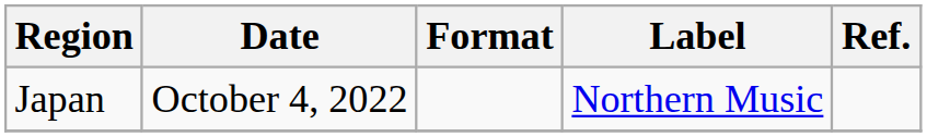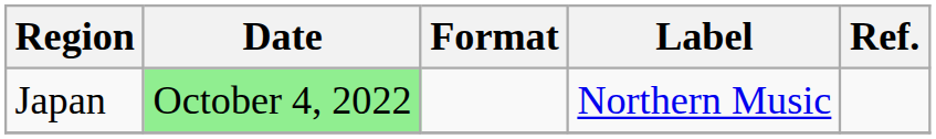 <table class="wikitable sortable plainrowheaders">
 <tr>
 <th scope="col">Region</th>
 <th scope="col">Date</th>
 <th scope="col">Format</th>
 <th scope="col">Label</th>
 <th scope="col">Ref.</th>
 </tr>
 <tr>
 <td rowspan="1">Japan</td>
-<td>October 4, 2022</td>
+<td style="background: lightgreen;">October 4, 2022</td>
 <td></td>
 <td rowspan="1"><a href='#'>Northern Music</a></td>
 <td></td>
 </tr>
 <tr>
 </tr>
 </table>
